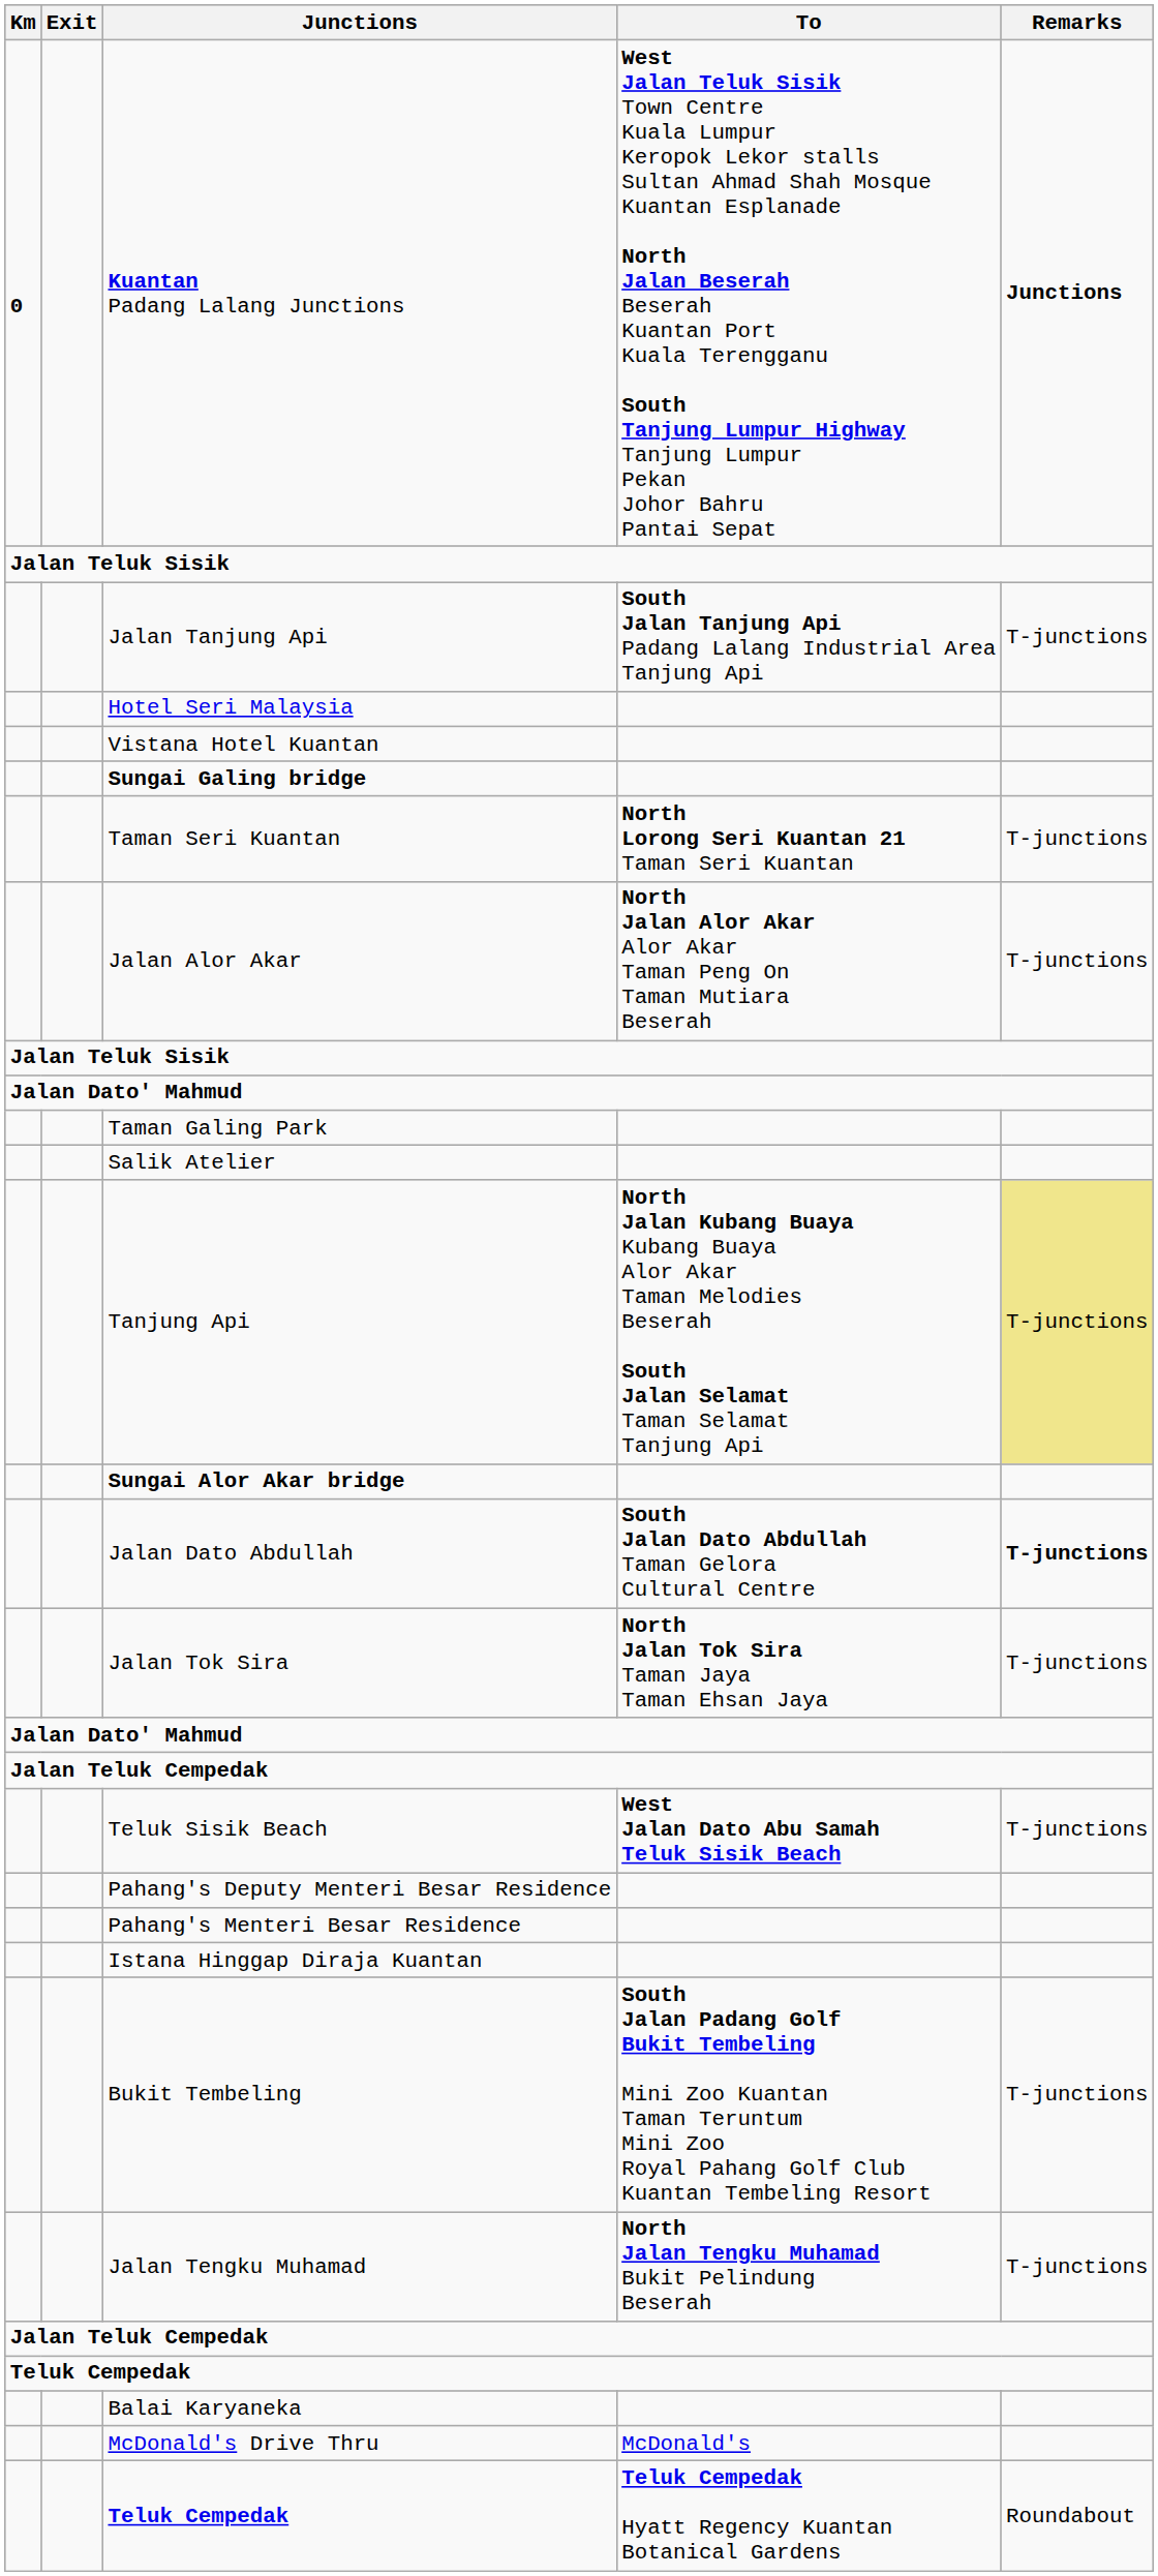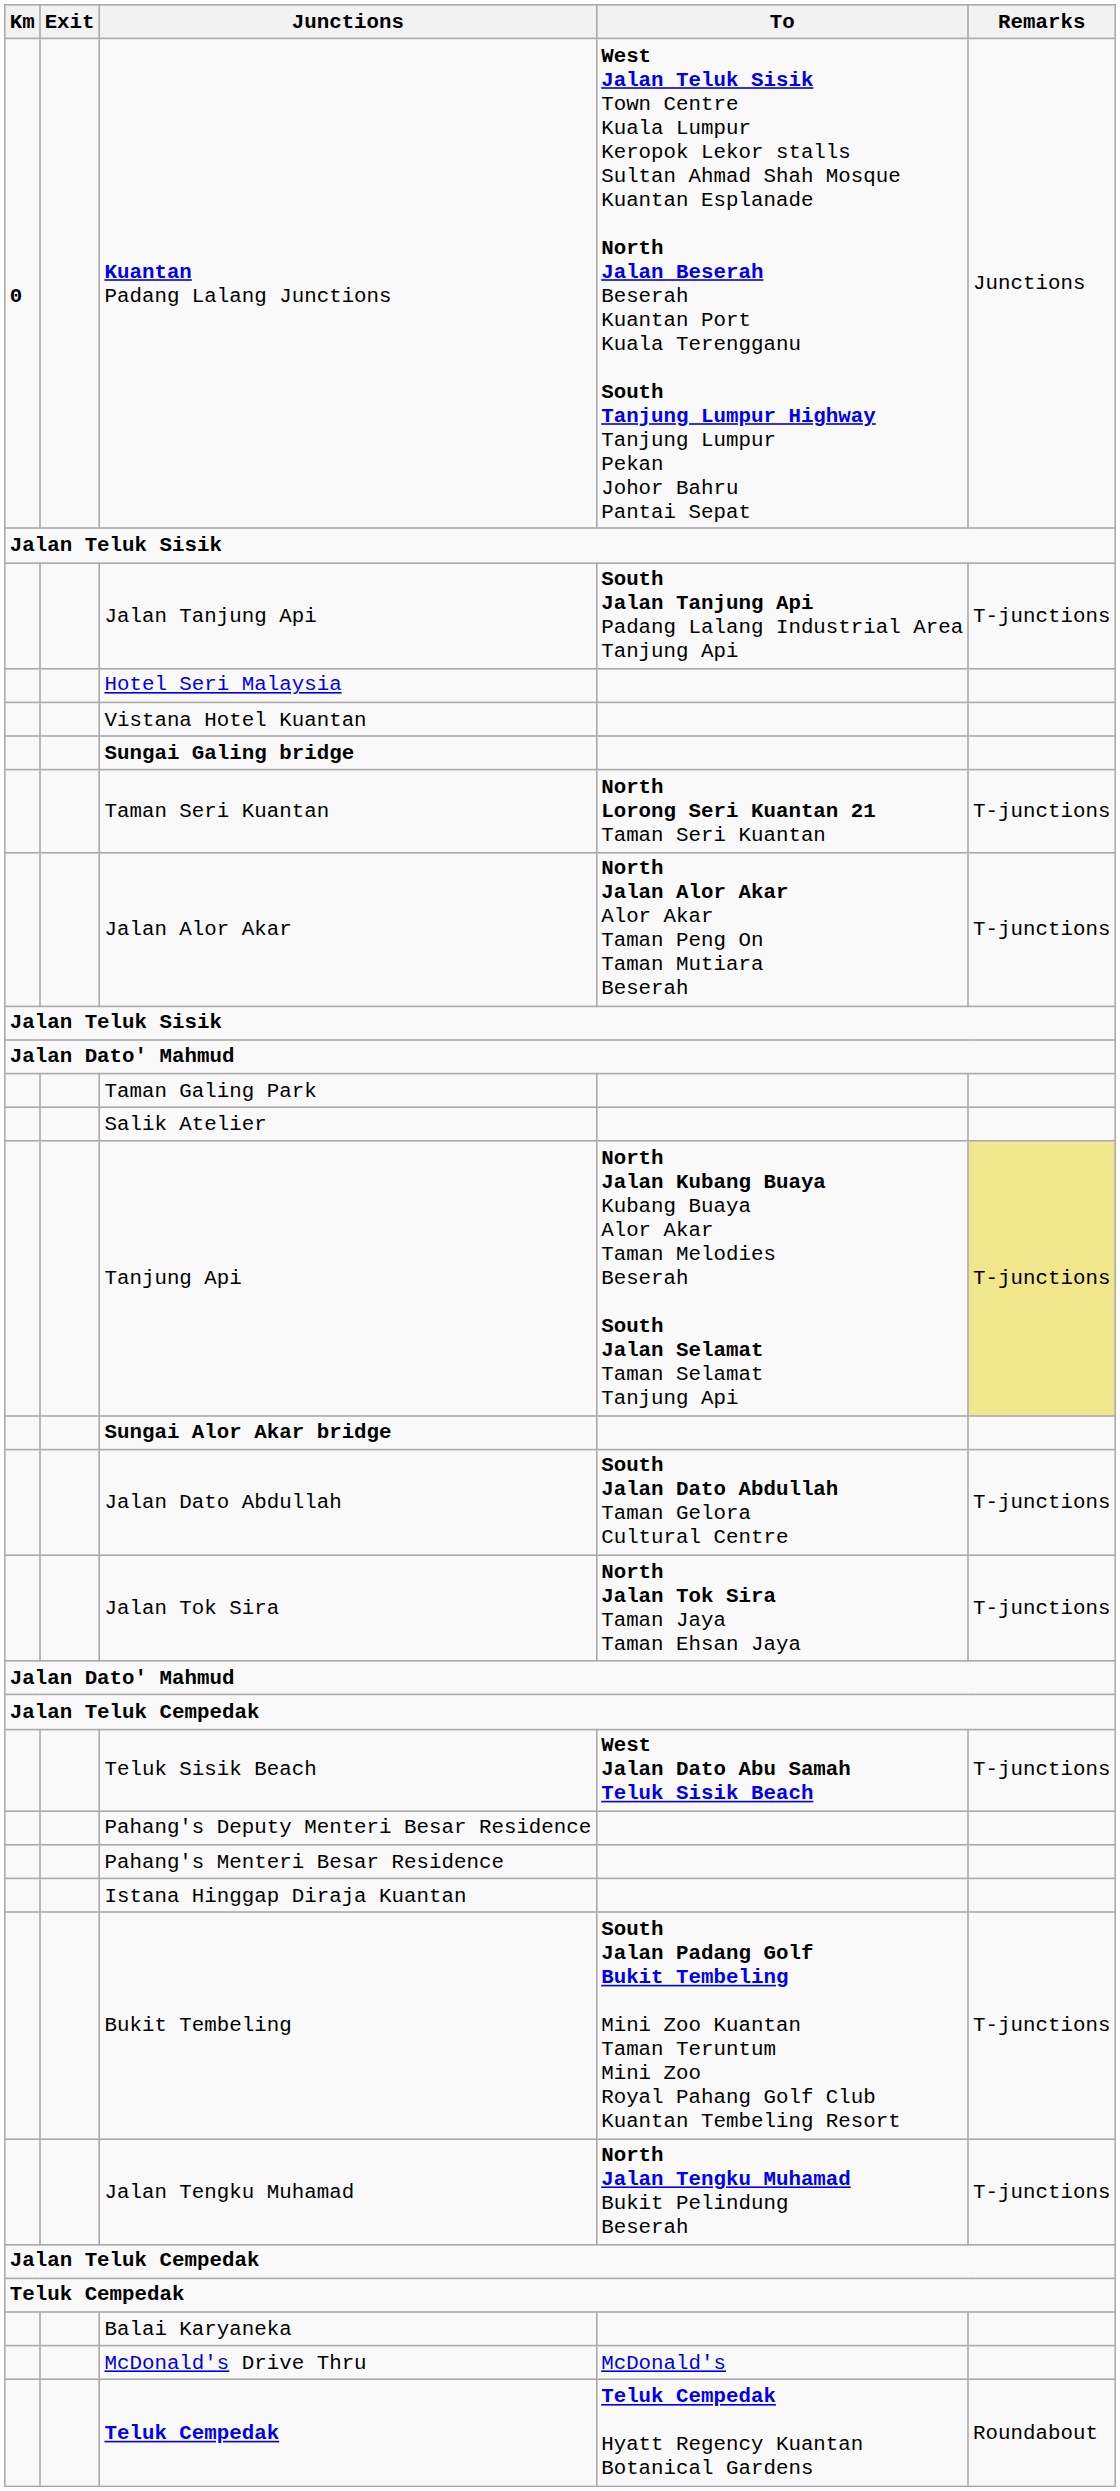 <table class="wikitable">
 <tr>
 <th>Km</th>
 <th>Exit</th>
 <th>Junctions</th>
 <th>To</th>
 <th>Remarks</th>
 </tr>
 <tr>
 <td><br><strong>0</strong></td>
 <td></td>
 <td><strong><a href='#'>Kuantan</a></strong><br>Padang Lalang Junctions</td>
 <td><strong>West</strong><br> <strong><a href='#'>Jalan Teluk Sisik</a></strong><br> Town Centre<br>   Kuala Lumpur<br>Keropok Lekor stalls<br>Sultan Ahmad Shah Mosque<br>Kuantan Esplanade<br><br><strong>North</strong><br> <strong><a href='#'>Jalan Beserah</a></strong><br> Beserah<br> Kuantan Port <br>  Kuala Terengganu<br><br><strong>South</strong><br> <strong><a href='#'>Tanjung Lumpur Highway</a></strong><br> Tanjung Lumpur<br>  Pekan<br>  Johor Bahru<br> Pantai Sepat </td>
-<td><strong>Junctions</strong></td>
+<td>Junctions</td>
 </tr>
 <tr>
 <td style="width:600px" colspan="6" style="text-align:center; background:blue;"><strong><span> Jalan Teluk Sisik</span></strong></td>
 </tr>
 <tr>
 <td></td>
 <td></td>
 <td>Jalan Tanjung Api</td>
 <td><strong>South</strong><br><strong>Jalan Tanjung Api</strong><br>Padang Lalang Industrial Area<br>Tanjung Api</td>
 <td>T-junctions</td>
 </tr>
 <tr>
 <td></td>
 <td></td>
 <td><a href='#'>Hotel Seri Malaysia</a></td>
 <td></td>
 <td></td>
 </tr>
 <tr>
 <td></td>
 <td></td>
 <td>Vistana Hotel Kuantan</td>
 <td></td>
 <td></td>
 </tr>
 <tr>
 <td></td>
 <td></td>
 <td><strong>Sungai Galing bridge</strong></td>
 <td></td>
 <td></td>
 </tr>
 <tr>
 <td></td>
 <td></td>
 <td>Taman Seri Kuantan</td>
 <td><strong>North</strong><br><strong>Lorong Seri Kuantan 21</strong><br>Taman Seri Kuantan</td>
 <td>T-junctions</td>
 </tr>
 <tr>
 <td></td>
 <td></td>
 <td>Jalan Alor Akar</td>
 <td><strong>North</strong><br><strong>Jalan Alor Akar</strong><br>Alor Akar<br>Taman Peng On<br>Taman Mutiara<br>Beserah</td>
 <td>T-junctions</td>
 </tr>
 <tr>
 <td style="width:600px" colspan="6" style="text-align:center; background:blue;"><strong><span> Jalan Teluk Sisik</span></strong></td>
 </tr>
 <tr>
 <td style="width:600px" colspan="6" style="text-align:center; background:blue;"><strong><span> Jalan Dato' Mahmud</span></strong></td>
 </tr>
 <tr>
 <td></td>
 <td></td>
 <td>Taman Galing Park</td>
 <td></td>
 <td></td>
 </tr>
 <tr>
 <td></td>
 <td></td>
 <td>Salik Atelier</td>
 <td></td>
 <td></td>
 </tr>
 <tr>
 <td></td>
 <td></td>
 <td>Tanjung Api</td>
 <td><strong>North</strong><br><strong>Jalan Kubang Buaya</strong><br>Kubang Buaya<br>Alor Akar<br>Taman Melodies<br>Beserah<br><br><strong>South</strong><br><strong>Jalan Selamat</strong><br>Taman Selamat<br>Tanjung Api</td>
 <td style="background: khaki;">T-junctions</td>
 </tr>
 <tr>
 <td></td>
 <td></td>
 <td><strong>Sungai Alor Akar bridge</strong></td>
 <td></td>
 <td></td>
 </tr>
 <tr>
 <td></td>
 <td></td>
 <td>Jalan Dato Abdullah</td>
 <td><strong>South</strong><br><strong>Jalan Dato Abdullah</strong><br>Taman Gelora<br>Cultural Centre</td>
-<td><strong>T-junctions</strong></td>
+<td>T-junctions</td>
 </tr>
 <tr>
 <td></td>
 <td></td>
 <td>Jalan Tok Sira</td>
 <td><strong>North</strong><br><strong>Jalan Tok Sira</strong><br>Taman Jaya<br>Taman Ehsan Jaya</td>
 <td>T-junctions</td>
 </tr>
 <tr>
 <td style="width:600px" colspan="6" style="text-align:center; background:blue;"><strong><span> Jalan Dato' Mahmud</span></strong></td>
 </tr>
 <tr>
 <td style="width:600px" colspan="6" style="text-align:center; background:blue;"><strong><span> Jalan Teluk Cempedak</span></strong></td>
 </tr>
 <tr>
 <td></td>
 <td></td>
 <td>Teluk Sisik Beach</td>
 <td><strong>West</strong><br><strong>Jalan Dato Abu Samah</strong><br><strong><a href='#'>Teluk Sisik Beach</a></strong> <br>        </td>
 <td>T-junctions</td>
 </tr>
 <tr>
 <td></td>
 <td></td>
 <td>Pahang's Deputy Menteri Besar Residence</td>
 <td></td>
 <td></td>
 </tr>
 <tr>
 <td></td>
 <td></td>
 <td>Pahang's Menteri Besar Residence</td>
 <td></td>
 <td></td>
 </tr>
 <tr>
 <td></td>
 <td></td>
 <td>Istana Hinggap Diraja Kuantan</td>
 <td></td>
 <td></td>
 </tr>
 <tr>
 <td></td>
 <td></td>
 <td>Bukit Tembeling</td>
 <td><strong>South</strong><br><strong>Jalan Padang Golf</strong><br><strong><a href='#'>Bukit Tembeling</a></strong><br>       <br>Mini Zoo Kuantan<br>Taman Teruntum<br>Mini Zoo<br>Royal Pahang Golf Club<br>Kuantan Tembeling Resort</td>
 <td>T-junctions</td>
 </tr>
 <tr>
 <td></td>
 <td></td>
 <td>Jalan Tengku Muhamad</td>
 <td><strong>North</strong><br> <strong><a href='#'>Jalan Tengku Muhamad</a></strong><br>Bukit Pelindung<br>Beserah</td>
 <td>T-junctions</td>
 </tr>
 <tr>
 <td style="width:600px" colspan="6" style="text-align:center; background:blue;"><strong><span> Jalan Teluk Cempedak</span></strong></td>
 </tr>
 <tr>
 <td style="width:600px" colspan="6" style="text-align:center; background:white;"><strong><span>Teluk Cempedak</span></strong></td>
 </tr>
 <tr>
 <td></td>
 <td></td>
 <td>Balai Karyaneka</td>
 <td></td>
 <td></td>
 </tr>
 <tr>
 <td></td>
 <td></td>
 <td><a href='#'>McDonald's</a> Drive Thru</td>
 <td><a href='#'>McDonald's</a><br></td>
 <td></td>
 </tr>
 <tr>
 <td></td>
 <td></td>
 <td><strong><a href='#'>Teluk Cempedak</a></strong></td>
 <td><strong><a href='#'>Teluk Cempedak</a></strong> <br>        <br>Hyatt Regency Kuantan<br>Botanical Gardens</td>
 <td>Roundabout</td>
 </tr>
 </table>
